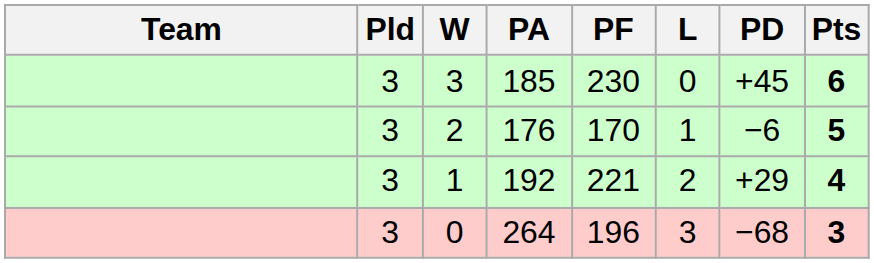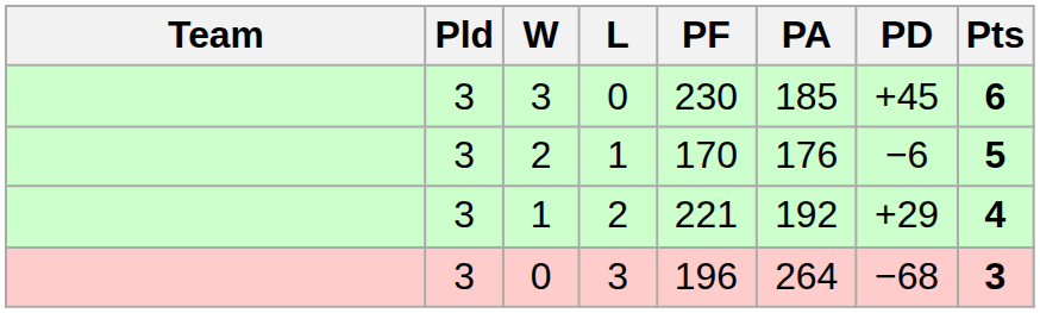 <table class="wikitable" style="text-align:center;">
 <tr>
 <th width=170>Team</th>
 <th width=25>Pld</th>
 <th width=25>W</th>
+<th width=25>L</th>
+<th width=35>PF</th>
 <th width=35>PA</th>
-<th width=35>PF</th>
-<th width=25>L</th>
 <th width=35>PD</th>
 <th width=25>Pts</th>
 </tr>
 <tr style="background: #ccffcc;">
 <td align="left"></td>
 <td>3</td>
 <td>3</td>
+<td>0</td>
+<td>230</td>
 <td>185</td>
-<td>230</td>
-<td>0</td>
 <td>+45</td>
 <td><strong>6</strong></td>
 </tr>
 <tr style="background: #ccffcc;">
 <td align="left"></td>
 <td>3</td>
 <td>2</td>
+<td>1</td>
+<td>170</td>
 <td>176</td>
-<td>170</td>
-<td>1</td>
 <td>−6</td>
 <td><strong>5</strong></td>
 </tr>
 <tr style="background: #ccffcc;">
 <td align="left"></td>
 <td>3</td>
 <td>1</td>
+<td>2</td>
+<td>221</td>
 <td>192</td>
-<td>221</td>
-<td>2</td>
 <td>+29</td>
 <td><strong>4</strong></td>
 </tr>
 <tr style="background: #ffcccc;">
 <td align="left"></td>
 <td>3</td>
 <td>0</td>
+<td>3</td>
+<td>196</td>
 <td>264</td>
-<td>196</td>
-<td>3</td>
 <td>−68</td>
 <td><strong>3</strong></td>
 </tr>
 </table>
